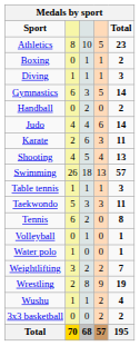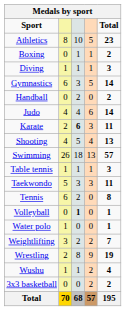 <table class="wikitable" style="font-size:85%">
 <tr style="background:#efefef;">
 <th colspan=7><strong>Medals by sport</strong></th>
 </tr>
 <tr align=center>
 <td><strong>Sport</strong></td>
 <td bgcolor=#f7f6a8></td>
 <td bgcolor=#dce5e5></td>
 <td bgcolor=#ffdab9></td>
 <td><strong>Total</strong></td>
 </tr>
 <tr align=center>
 <td><a href='#'>Athletics</a></td>
 <td style="background:#F7F6A8;">8</td>
 <td style="background:#DCE5E5;">10</td>
 <td style="background:#FFDAB9;">5</td>
 <td><strong>23</strong></td>
 </tr>
 <tr align=center>
 <td><a href='#'>Boxing</a></td>
 <td style="background:#F7F6A8;">0</td>
 <td style="background:#DCE5E5;">1</td>
 <td style="background:#FFDAB9;">1</td>
 <td><strong>2</strong></td>
 </tr>
 <tr align=center>
 <td><a href='#'>Diving</a></td>
 <td style="background:#F7F6A8;">1</td>
 <td style="background:#DCE5E5;">1</td>
 <td style="background:#FFDAB9;">1</td>
 <td><strong>3</strong></td>
 </tr>
 <tr align=center>
 <td><a href='#'>Gymnastics</a></td>
 <td style="background:#F7F6A8;">6</td>
 <td style="background:#DCE5E5;">3</td>
 <td style="background:#FFDAB9;">5</td>
 <td><strong>14</strong></td>
 </tr>
 <tr align=center>
 <td><a href='#'>Handball</a></td>
 <td style="background:#F7F6A8;">0</td>
 <td style="background:#DCE5E5;">2</td>
 <td style="background:#FFDAB9;">0</td>
 <td><strong>2</strong></td>
 </tr>
 <tr align=center>
 <td><a href='#'>Judo</a></td>
 <td style="background:#F7F6A8;">4</td>
 <td style="background:#DCE5E5;">4</td>
 <td style="background:#FFDAB9;">6</td>
 <td><strong>14</strong></td>
 </tr>
 <tr align=center>
 <td><a href='#'>Karate</a></td>
 <td style="background:#F7F6A8;">2</td>
-<td style="background:#DCE5E5;">6</td>
+<td style="background:#DCE5E5;"><strong>6</strong></td>
 <td style="background:#FFDAB9;">3</td>
 <td><strong>11</strong></td>
 </tr>
 <tr align=center>
 <td><a href='#'>Shooting</a></td>
 <td style="background:#F7F6A8;">4</td>
 <td style="background:#DCE5E5;">5</td>
 <td style="background:#FFDAB9;">4</td>
 <td><strong>13</strong></td>
 </tr>
 <tr align=center>
 <td><a href='#'>Swimming</a></td>
 <td style="background:#F7F6A8;">26</td>
 <td style="background:#DCE5E5;">18</td>
 <td style="background:#FFDAB9;">13</td>
 <td><strong>57</strong></td>
 </tr>
 <tr align=center>
 <td><a href='#'>Table tennis</a></td>
 <td style="background:#F7F6A8;">1</td>
 <td style="background:#DCE5E5;">1</td>
 <td style="background:#FFDAB9;">1</td>
 <td><strong>3</strong></td>
 </tr>
 <tr align=center>
 <td><a href='#'>Taekwondo</a></td>
 <td style="background:#F7F6A8;">5</td>
 <td style="background:#DCE5E5;">3</td>
 <td style="background:#FFDAB9;">3</td>
 <td><strong>11</strong></td>
 </tr>
 <tr align=center>
 <td><a href='#'>Tennis</a></td>
 <td style="background:#F7F6A8;">6</td>
 <td style="background:#DCE5E5;">2</td>
 <td style="background:#FFDAB9;">0</td>
 <td><strong>8</strong></td>
 </tr>
 <tr align=center>
 <td><a href='#'>Volleyball</a></td>
 <td style="background:#F7F6A8;">0</td>
-<td style="background:#DCE5E5;">1</td>
+<td style="background:#DCE5E5;"><strong>1</strong></td>
 <td style="background:#FFDAB9;">0</td>
 <td><strong>1</strong></td>
 </tr>
 <tr align=center>
 <td><a href='#'>Water polo</a></td>
 <td style="background:#F7F6A8;">1</td>
 <td style="background:#DCE5E5;">0</td>
 <td style="background:#FFDAB9;">0</td>
 <td><strong>1</strong></td>
 </tr>
 <tr align=center>
 <td><a href='#'>Weightlifting</a></td>
 <td style="background:#F7F6A8;">3</td>
 <td style="background:#DCE5E5;">2</td>
 <td style="background:#FFDAB9;">2</td>
 <td><strong>7</strong></td>
 </tr>
 <tr align=center>
 <td><a href='#'>Wrestling</a></td>
 <td style="background:#F7F6A8;">2</td>
 <td style="background:#DCE5E5;">8</td>
 <td style="background:#FFDAB9;">9</td>
 <td><strong>19</strong></td>
 </tr>
 <tr align=center>
 <td><a href='#'>Wushu</a></td>
 <td style="background:#F7F6A8;">1</td>
 <td style="background:#DCE5E5;">1</td>
 <td style="background:#FFDAB9;">2</td>
 <td><strong>4</strong></td>
 </tr>
 <tr align=center>
 <td><a href='#'>3x3 basketball</a></td>
 <td style="background:#F7F6A8;">0</td>
 <td style="background:#DCE5E5;">0</td>
 <td style="background:#FFDAB9;">2</td>
 <td><strong>2</strong></td>
 </tr>
 <tr align=center>
 <th><strong>Total</strong></th>
 <th style="background:gold;"><strong>70</strong></th>
 <th style="background:silver;"><strong>68</strong></th>
 <th style="background:#c96;"><strong>57</strong></th>
 <th><strong>195</strong></th>
 </tr>
 </table>
